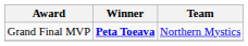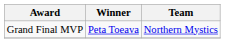 <table class="wikitable collapsible">
 <tr>
 <th>Award</th>
 <th>Winner</th>
 <th>Team</th>
 </tr>
 <tr>
 <td>Grand Final MVP</td>
-<td><strong><a href='#'>Peta Toeava</a></strong></td>
+<td><a href='#'>Peta Toeava</a></td>
 <td><a href='#'>Northern Mystics</a></td>
 </tr>
 <tr>
 </tr>
 </table>
